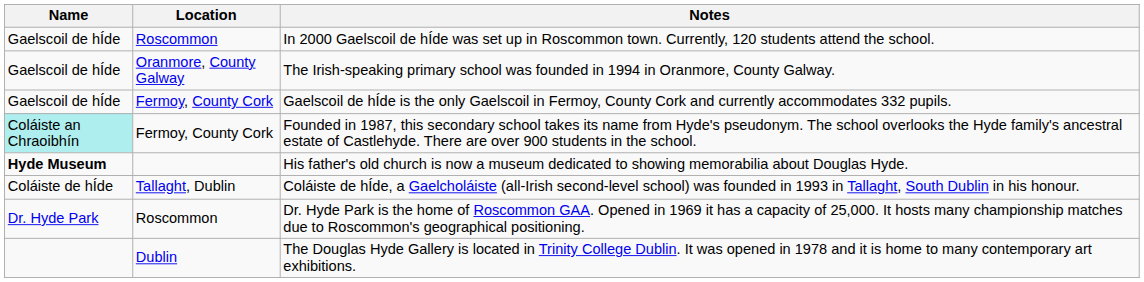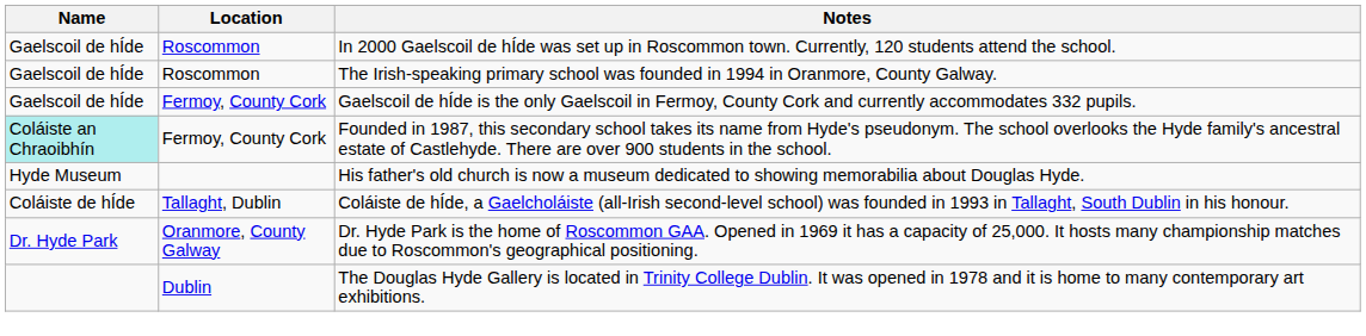 <table class="wikitable">
 <tr>
 <th>Name</th>
 <th>Location</th>
 <th>Notes</th>
 </tr>
 <tr>
 <td>Gaelscoil de hÍde</td>
 <td><a href='#'>Roscommon</a></td>
 <td>In 2000 Gaelscoil de hÍde was set up in Roscommon town. Currently, 120 students attend the school.</td>
 </tr>
 <tr>
 <td>Gaelscoil de hÍde</td>
-<td><a href='#'>Oranmore</a>, <a href='#'>County Galway</a></td>
+<td>Roscommon</td>
 <td>The Irish-speaking primary school was founded in 1994 in Oranmore, County Galway.</td>
 </tr>
 <tr>
 <td>Gaelscoil de hÍde</td>
 <td><a href='#'>Fermoy</a>, <a href='#'>County Cork</a></td>
 <td>Gaelscoil de hÍde is the only Gaelscoil in Fermoy, County Cork and currently accommodates 332 pupils.</td>
 </tr>
 <tr>
 <td style="background: paleturquoise;">Coláiste an Chraoibhín</td>
 <td>Fermoy, County Cork</td>
 <td>Founded in 1987, this secondary school takes its name from Hyde's pseudonym. The school overlooks the Hyde family's ancestral estate of Castlehyde. There are over 900 students in the school.</td>
 </tr>
 <tr>
-<td><strong>Hyde Museum</strong></td>
+<td>Hyde Museum</td>
 <td></td>
 <td>His father's old church is now a museum dedicated to showing memorabilia about Douglas Hyde.</td>
 </tr>
 <tr>
 <td>Coláiste de hÍde</td>
 <td><a href='#'>Tallaght</a>, Dublin</td>
 <td>Coláiste de hÍde, a <a href='#'>Gaelcholáiste</a> (all-Irish second-level school) was founded in 1993 in <a href='#'>Tallaght</a>, <a href='#'>South Dublin</a> in his honour.</td>
 </tr>
 <tr>
 <td><a href='#'>Dr. Hyde Park</a></td>
-<td>Roscommon</td>
+<td><a href='#'>Oranmore</a>, <a href='#'>County Galway</a></td>
 <td>Dr. Hyde Park is the home of <a href='#'>Roscommon GAA</a>. Opened in 1969 it has a capacity of 25,000. It hosts many championship matches due to Roscommon's geographical positioning.</td>
 </tr>
 <tr>
 <td></td>
 <td><a href='#'>Dublin</a></td>
 <td>The Douglas Hyde Gallery is located in <a href='#'>Trinity College Dublin</a>. It was opened in 1978 and it is home to many contemporary art exhibitions.</td>
 </tr>
 </table>
